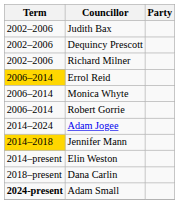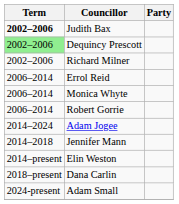 <table class="wikitable">
 <tr>
 <th>Term</th>
 <th>Councillor</th>
 <th colspan=2>Party</th>
 </tr>
 <tr>
-<td>2002–2006</td>
+<td><strong>2002–2006</strong></td>
 <td>Judith Bax</td>
 <td></td>
 </tr>
 <tr>
-<td>2002–2006</td>
+<td style="background: lightgreen;">2002–2006</td>
 <td>Dequincy Prescott</td>
 <td></td>
 </tr>
 <tr>
 <td>2002–2006</td>
 <td>Richard Milner</td>
 <td></td>
 </tr>
 <tr>
-<td style="background: gold;">2006–2014</td>
+<td>2006–2014</td>
 <td>Errol Reid</td>
 <td></td>
 </tr>
 <tr>
 <td>2006–2014</td>
 <td>Monica Whyte</td>
 <td></td>
 </tr>
 <tr>
 <td>2006–2014</td>
 <td>Robert Gorrie</td>
 <td></td>
 </tr>
 <tr>
 <td>2014–2024</td>
 <td><a href='#'>Adam Jogee</a></td>
 <td></td>
 </tr>
 <tr>
-<td style="background: gold;">2014–2018</td>
+<td>2014–2018</td>
 <td>Jennifer Mann</td>
 <td></td>
 </tr>
 <tr>
 <td>2014–present</td>
 <td>Elin Weston</td>
 <td></td>
 </tr>
 <tr>
 <td>2018–present</td>
 <td>Dana Carlin</td>
 <td></td>
 </tr>
 <tr>
-<td><strong>2024-present</strong></td>
+<td>2024-present</td>
 <td>Adam Small</td>
 <td></td>
 </tr>
 <tr>
 </tr>
 </table>
